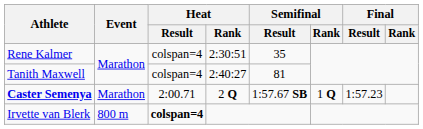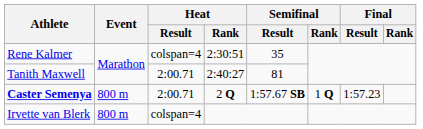 <table class="wikitable" style="font-size:90%">
 <tr>
 <th rowspan="2">Athlete</th>
 <th rowspan="2">Event</th>
 <th colspan="2">Heat</th>
 <th colspan="2">Semifinal</th>
 <th colspan="2">Final</th>
 </tr>
 <tr style="font-size:95%">
 <th>Result</th>
 <th>Rank</th>
 <th>Result</th>
 <th>Rank</th>
 <th>Result</th>
 <th>Rank</th>
 </tr>
 <tr align=center>
 <td align=left><a href='#'>Rene Kalmer</a></td>
 <td align=left rowspan=2><a href='#'>Marathon</a></td>
 <td>colspan=4 </td>
 <td>2:30:51</td>
 <td>35</td>
 </tr>
 <tr align=center>
 <td align=left><a href='#'>Tanith Maxwell</a></td>
-<td>colspan=4 </td>
+<td>2:00.71</td>
 <td>2:40:27</td>
 <td>81</td>
 </tr>
 <tr align=center>
 <td align=left><strong><a href='#'>Caster Semenya</a></strong></td>
-<td align=left><a href='#'>Marathon</a></td>
+<td align=left><a href='#'>800 m</a></td>
 <td>2:00.71</td>
 <td>2 <strong>Q</strong></td>
 <td>1:57.67 <strong>SB</strong></td>
 <td>1 <strong>Q</strong></td>
 <td>1:57.23</td>
 <td></td>
 </tr>
 <tr align=center>
 <td align=left><a href='#'>Irvette van Blerk</a></td>
 <td align=left><a href='#'>800 m</a></td>
-<td><strong>colspan=4 </strong></td>
+<td>colspan=4 </td>
 <td colspan=2></td>
 </tr>
 </table>
